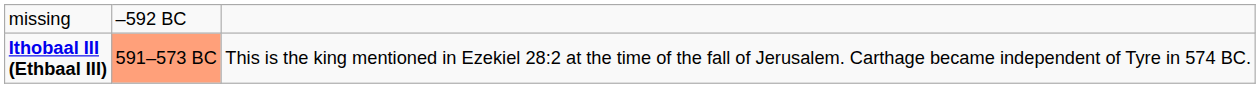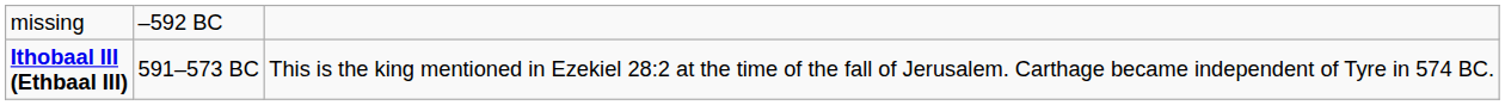 <table class="wikitable">
 <tr>
 <td>missing</td>
 <td>–592 BC</td>
 <td></td>
 </tr>
 <tr>
 <td><strong><a href='#'>Ithobaal III</a><br>(Ethbaal III)</strong></td>
-<td style="background: lightsalmon;">591–573 BC</td>
+<td>591–573 BC</td>
 <td>This is the king mentioned in Ezekiel 28:2 at the time of the fall of Jerusalem. Carthage became independent of Tyre in 574 BC.</td>
 </tr>
 </table>
